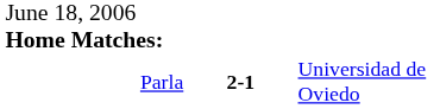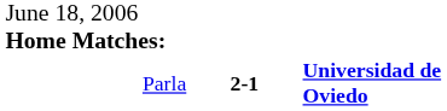 <table width=100% cellspacing=1>
 <tr>
 <th width=20%></th>
 <th width=12%></th>
 <th width=20%></th>
 <th></th>
 </tr>
 <tr>
 <td>June 18, 2006<br><strong>Home Matches:</strong></td>
 </tr>
 <tr style=font-size:90%>
 <td align=right><a href='#'>Parla</a></td>
 <td align=center><strong>2-1</strong></td>
-<td><a href='#'>Universidad de Oviedo</a></td>
+<td><strong><a href='#'>Universidad de Oviedo</a></strong></td>
 </tr>
 </table>
